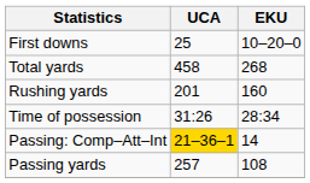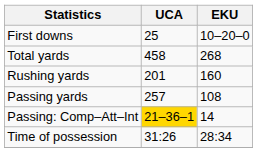 <table class="wikitable" style="float: left;">
 <tr>
 <th>Statistics</th>
 <th>UCA</th>
 <th>EKU</th>
 </tr>
 <tr>
 <td>First downs</td>
 <td>25</td>
 <td>10–20–0</td>
 </tr>
 <tr>
 <td>Total yards</td>
 <td>458</td>
 <td>268</td>
 </tr>
 <tr>
 <td>Rushing yards</td>
 <td>201</td>
 <td>160</td>
 </tr>
 <tr>
-<td>Time of possession</td>
-<td>31:26</td>
-<td>28:34</td>
+<td>Passing yards</td>
+<td>257</td>
+<td>108</td>
 </tr>
 <tr>
 <td>Passing: Comp–Att–Int</td>
 <td style="background: gold;">21–36–1</td>
 <td>14</td>
 </tr>
 <tr>
-<td>Passing yards</td>
-<td>257</td>
-<td>108</td>
+<td>Time of possession</td>
+<td>31:26</td>
+<td>28:34</td>
 </tr>
 <tr>
 </tr>
 </table>
